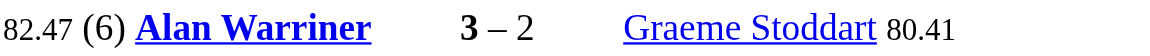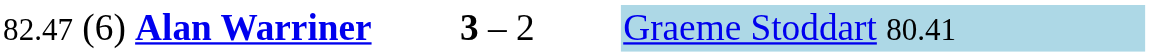 <table style="text-align:center">
 <tr>
 <th width=223></th>
 <th width=100></th>
 <th width=223></th>
 </tr>
 <tr>
 <td align=right><small>82.47</small> (6) <strong><a href='#'>Alan Warriner</a></strong> </td>
 <td><strong>3</strong> – 2</td>
-<td align=left> <a href='#'>Graeme Stoddart</a> <small>80.41</small></td>
+<td align=left style="background: lightblue;"> <a href='#'>Graeme Stoddart</a> <small>80.41</small></td>
 </tr>
 </table>
